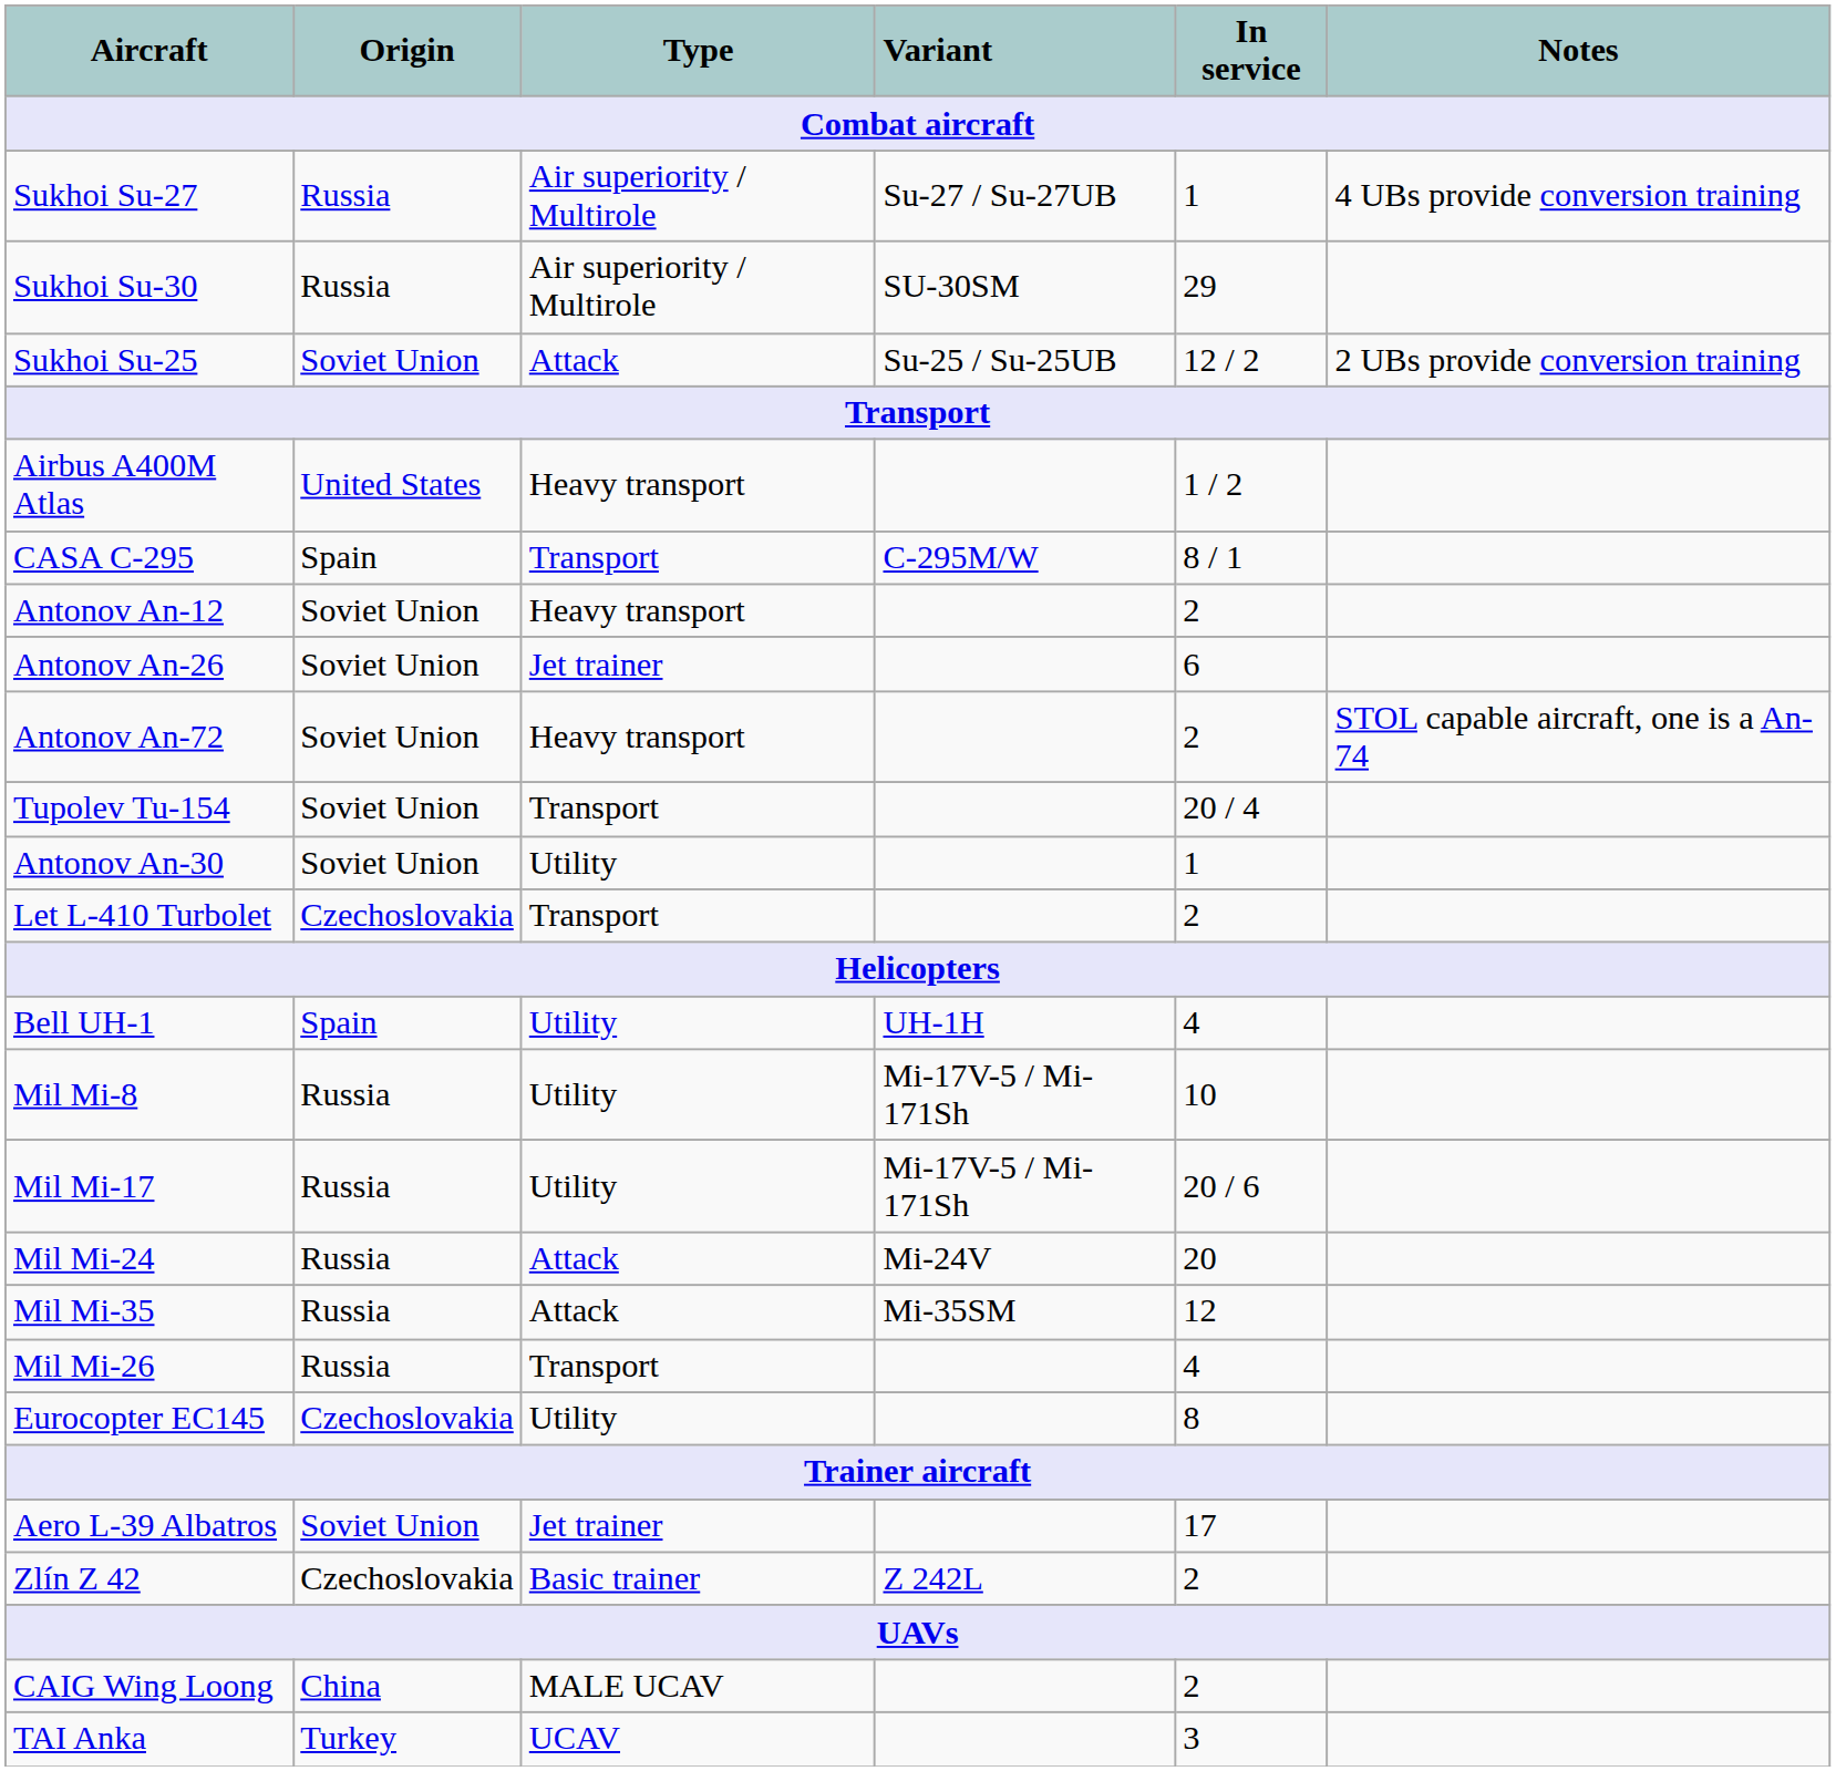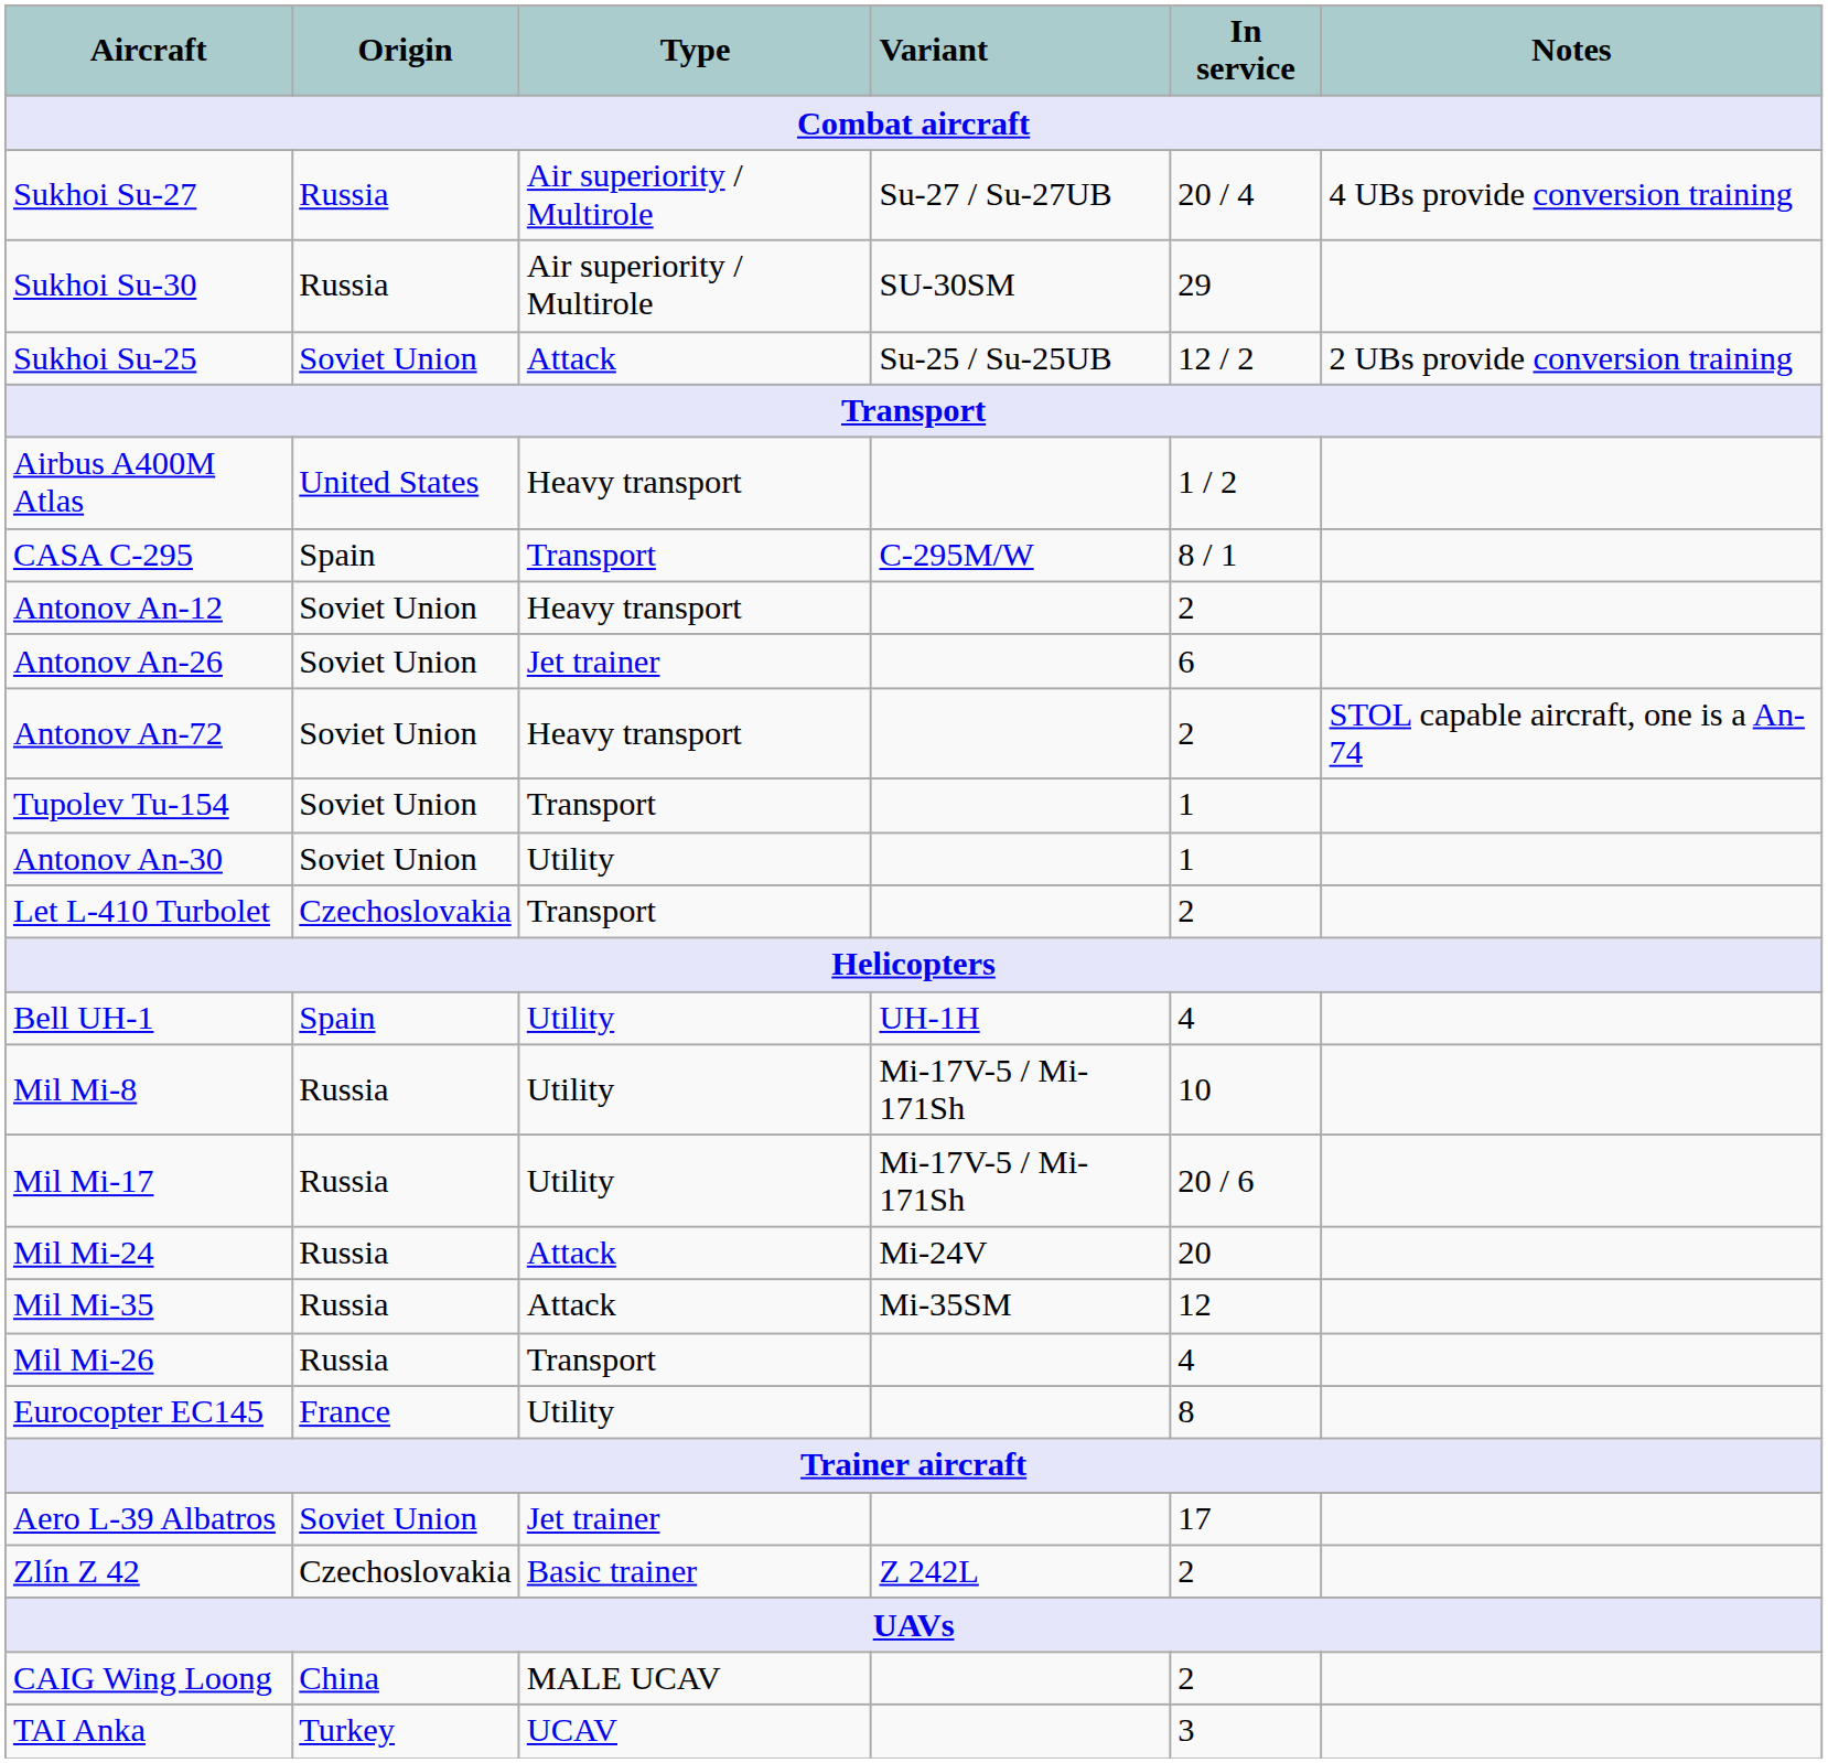 <table class="wikitable">
 <tr>
 <th style="text-align:center; background:#acc;">Aircraft</th>
 <th style="text-align: center; background:#acc;">Origin</th>
 <th style="text-align:l center; background:#acc;">Type</th>
 <th style="text-align:left; background:#acc;">Variant</th>
 <th style="text-align:center; background:#acc;">In service</th>
 <th style="text-align: center; background:#acc;">Notes</th>
 </tr>
 <tr>
 <th style="align: center; background: lavender;" colspan="6"><a href='#'>Combat aircraft</a></th>
 </tr>
 <tr>
 <td><a href='#'>Sukhoi Su-27</a></td>
 <td><a href='#'>Russia</a></td>
 <td><a href='#'>Air superiority</a> / <a href='#'>Multirole</a></td>
 <td>Su-27 / Su-27UB</td>
-<td>1</td>
+<td>20 / 4</td>
 <td>4 UBs provide <a href='#'>conversion training</a></td>
 </tr>
 <tr>
 <td><a href='#'>Sukhoi Su-30</a></td>
 <td>Russia</td>
 <td>Air superiority / Multirole</td>
 <td>SU-30SM</td>
 <td>29</td>
 <td></td>
 </tr>
 <tr>
 <td><a href='#'>Sukhoi Su-25</a></td>
 <td><a href='#'>Soviet Union</a></td>
 <td><a href='#'>Attack</a></td>
 <td>Su-25 / Su-25UB</td>
 <td>12 / 2</td>
 <td>2 UBs provide <a href='#'>conversion training</a></td>
 </tr>
 <tr>
 <th style="align: center; background: lavender;" colspan="6"><a href='#'>Transport</a></th>
 </tr>
 <tr>
 <td><a href='#'>Airbus A400M Atlas</a></td>
 <td><a href='#'>United States</a></td>
 <td>Heavy transport</td>
 <td></td>
 <td>1 / 2</td>
 <td></td>
 </tr>
 <tr>
 <td><a href='#'>CASA C-295</a></td>
 <td>Spain</td>
 <td><a href='#'>Transport</a></td>
 <td><a href='#'>C-295M/W</a></td>
 <td>8 / 1</td>
 <td></td>
 </tr>
 <tr>
 <td><a href='#'>Antonov An-12</a></td>
 <td>Soviet Union</td>
 <td>Heavy transport</td>
 <td></td>
 <td>2</td>
 <td></td>
 </tr>
 <tr>
 <td><a href='#'>Antonov An-26</a></td>
 <td>Soviet Union</td>
 <td><a href='#'>Jet trainer</a></td>
 <td></td>
 <td>6</td>
 <td></td>
 </tr>
 <tr>
 <td><a href='#'>Antonov An-72</a></td>
 <td>Soviet Union</td>
 <td>Heavy transport</td>
 <td></td>
 <td>2</td>
 <td><a href='#'>STOL</a> capable aircraft, one is a <a href='#'>An-74</a></td>
 </tr>
 <tr>
 <td><a href='#'>Tupolev Tu-154</a></td>
 <td>Soviet Union</td>
 <td>Transport</td>
 <td></td>
-<td>20 / 4</td>
+<td>1</td>
 <td></td>
 </tr>
 <tr>
 <td><a href='#'>Antonov An-30</a></td>
 <td>Soviet Union</td>
 <td>Utility</td>
 <td></td>
 <td>1</td>
 <td></td>
 </tr>
 <tr>
 <td><a href='#'>Let L-410 Turbolet</a></td>
 <td><a href='#'>Czechoslovakia</a></td>
 <td>Transport</td>
 <td></td>
 <td>2</td>
 <td></td>
 </tr>
 <tr>
 <th style="align: center; background: lavender;" colspan="6"><a href='#'>Helicopters</a></th>
 </tr>
 <tr>
 <td><a href='#'>Bell UH-1</a></td>
 <td><a href='#'>Spain</a></td>
 <td><a href='#'>Utility</a></td>
 <td><a href='#'>UH-1H</a></td>
 <td>4</td>
 <td></td>
 </tr>
 <tr>
 <td><a href='#'>Mil Mi-8</a></td>
 <td>Russia</td>
 <td>Utility</td>
 <td>Mi-17V-5 / Mi-171Sh</td>
 <td>10 </td>
 <td></td>
 </tr>
 <tr>
 <td><a href='#'>Mil Mi-17</a></td>
 <td>Russia</td>
 <td>Utility</td>
 <td>Mi-17V-5 / Mi-171Sh</td>
 <td>20 / 6</td>
 <td></td>
 </tr>
 <tr>
 <td><a href='#'>Mil Mi-24</a></td>
 <td>Russia</td>
 <td><a href='#'>Attack</a></td>
 <td>Mi-24V</td>
 <td>20</td>
 <td></td>
 </tr>
 <tr>
 <td><a href='#'>Mil Mi-35</a></td>
 <td>Russia</td>
 <td>Attack</td>
 <td>Mi-35SM</td>
 <td>12</td>
 <td></td>
 </tr>
 <tr>
 <td><a href='#'>Mil Mi-26</a></td>
 <td>Russia</td>
 <td>Transport</td>
 <td></td>
 <td>4</td>
 <td></td>
 </tr>
 <tr>
 <td><a href='#'>Eurocopter EC145</a></td>
-<td><a href='#'>Czechoslovakia</a></td>
+<td><a href='#'>France</a></td>
 <td>Utility</td>
 <td></td>
 <td>8</td>
 <td></td>
 </tr>
 <tr>
 <th style="align: center; background: lavender;" colspan="6"><a href='#'>Trainer aircraft</a></th>
 </tr>
 <tr>
 <td><a href='#'>Aero L-39 Albatros</a></td>
 <td><a href='#'>Soviet Union</a></td>
 <td><a href='#'>Jet trainer</a></td>
 <td></td>
 <td>17</td>
 <td></td>
 </tr>
 <tr>
 <td><a href='#'>Zlín Z 42</a></td>
 <td>Czechoslovakia</td>
 <td><a href='#'>Basic trainer</a></td>
 <td><a href='#'>Z 242L</a></td>
 <td>2</td>
 <td></td>
 </tr>
 <tr>
 <th style="align: center; background: lavender;" colspan="6"><a href='#'>UAVs</a></th>
 </tr>
 <tr>
 <td><a href='#'>CAIG Wing Loong</a></td>
 <td><a href='#'>China</a></td>
 <td>MALE UCAV</td>
 <td></td>
 <td>2</td>
 <td></td>
 </tr>
 <tr>
 <td><a href='#'>TAI Anka</a></td>
 <td><a href='#'>Turkey</a></td>
 <td><a href='#'>UCAV</a></td>
 <td></td>
 <td>3</td>
 <td></td>
 </tr>
 </table>
